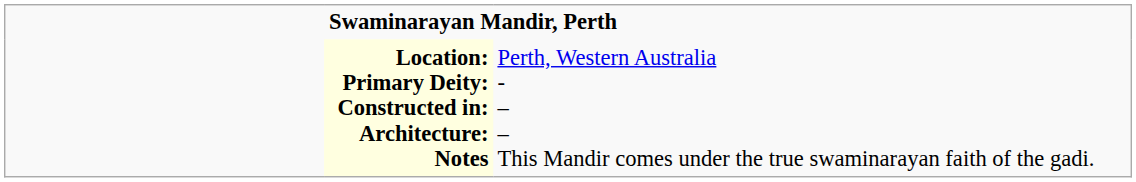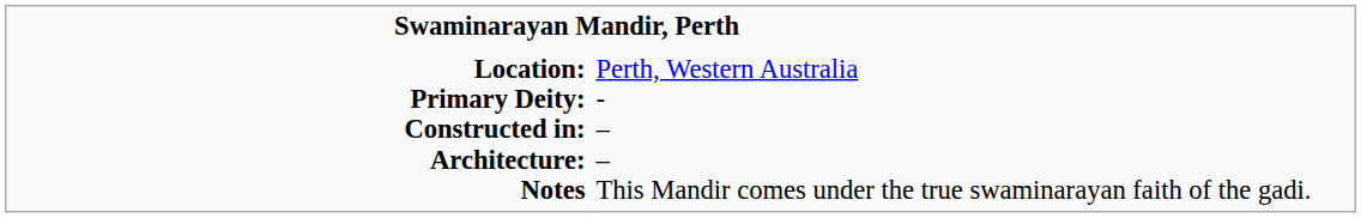 <table class="wikitable plain" border="0" width="800">
 <tr>
 <td width="220px" rowspan="2" style="border:none;"></td>
 <td valign="top" colspan=2 style="border:none;"><strong>Swaminarayan Mandir, Perth</strong></td>
 </tr>
 <tr>
-<td valign="top" style="background: lightyellow; text-align:right; border:none;"><strong>Location:</strong> <br><strong>Primary Deity:</strong><br><strong>Constructed in:</strong><br><strong>Architecture:</strong><br><strong>Notes</strong></td>
+<td valign="top" style="text-align:right; border:none;"><strong>Location:</strong> <br><strong>Primary Deity:</strong><br><strong>Constructed in:</strong><br><strong>Architecture:</strong><br><strong>Notes</strong></td>
 <td valign="top" style="border:none;"><a href='#'>Perth, Western Australia</a> <br>- <br>– <br>– <br>This Mandir comes under the true swaminarayan faith of the gadi.</td>
 </tr>
 </table>
